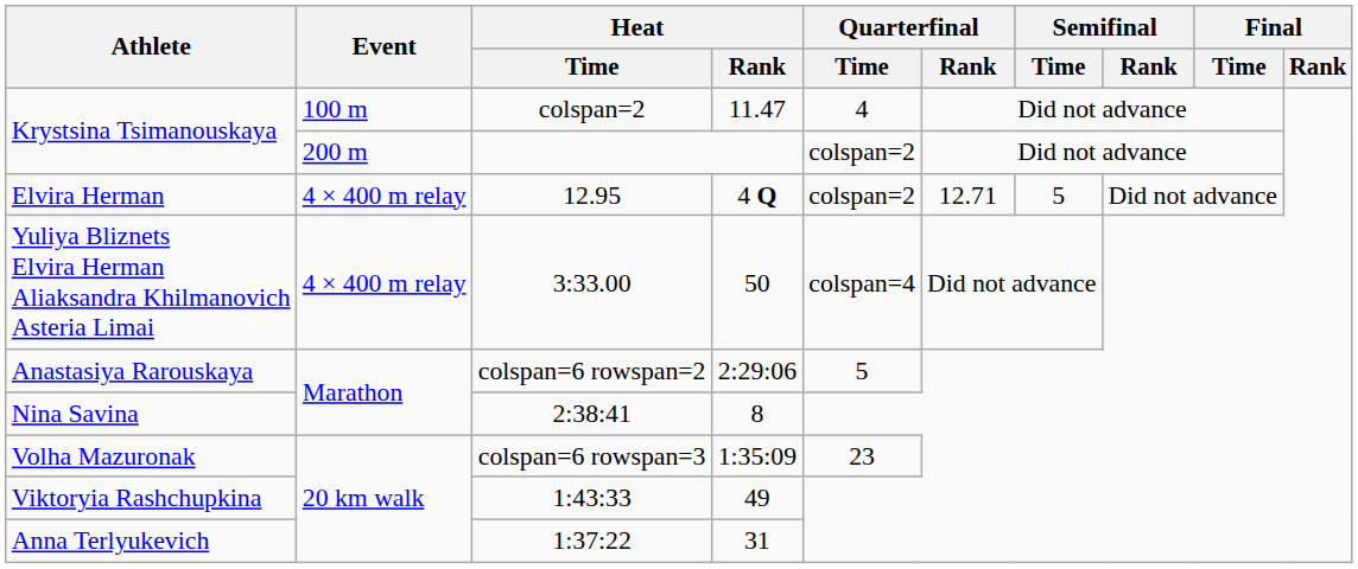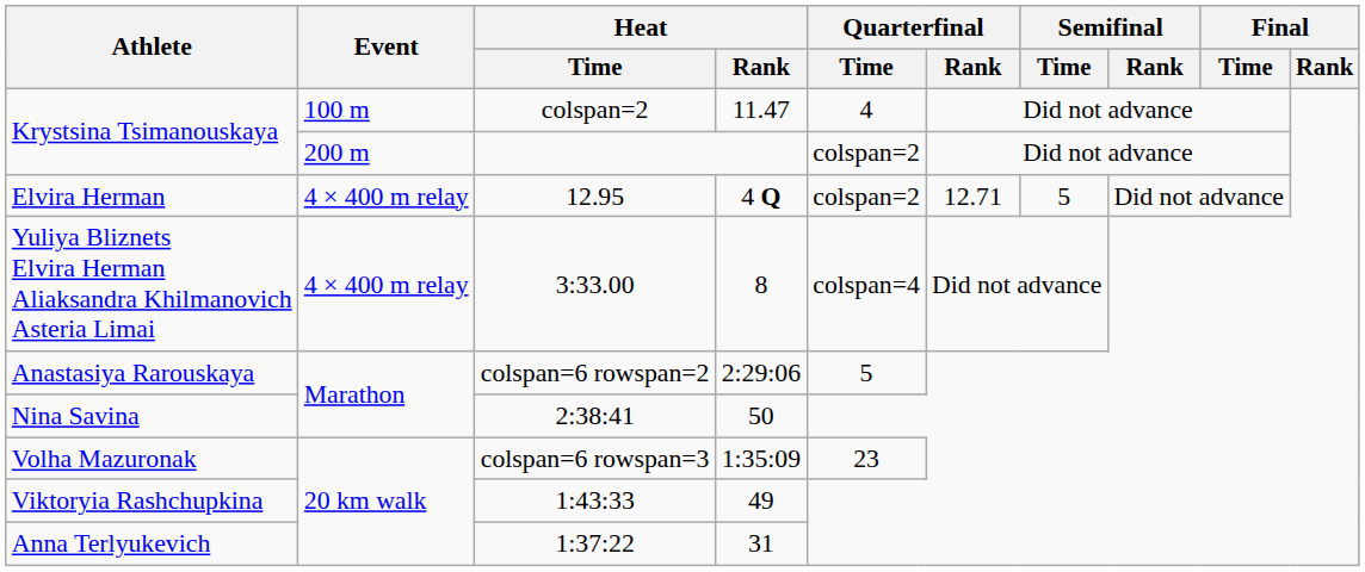 <table class=wikitable style=font-size:90%;>
 <tr>
 <th rowspan=2>Athlete</th>
 <th rowspan=2>Event</th>
 <th colspan=2>Heat</th>
 <th colspan=2>Quarterfinal</th>
 <th colspan=2>Semifinal</th>
 <th colspan=2>Final</th>
 </tr>
 <tr style=font-size:95%>
 <th>Time</th>
 <th>Rank</th>
 <th>Time</th>
 <th>Rank</th>
 <th>Time</th>
 <th>Rank</th>
 <th>Time</th>
 <th>Rank</th>
 </tr>
 <tr align=center>
 <td align=left rowspan=2><a href='#'>Krystsina Tsimanouskaya</a></td>
 <td align=left><a href='#'>100 m</a></td>
 <td>colspan=2 </td>
 <td>11.47</td>
 <td>4</td>
 <td colspan=4>Did not advance</td>
 </tr>
 <tr align=center>
 <td align=left><a href='#'>200 m</a></td>
 <td colspan=2></td>
 <td>colspan=2 </td>
 <td colspan=4>Did not advance</td>
 </tr>
 <tr align=center>
 <td align=left><a href='#'>Elvira Herman</a></td>
 <td align=left><a href='#'>4 × 400 m relay</a></td>
 <td>12.95</td>
 <td>4 <strong>Q</strong></td>
 <td>colspan=2 </td>
 <td>12.71</td>
 <td>5</td>
 <td colspan=2>Did not advance</td>
 </tr>
 <tr align=center>
 <td align="left"><a href='#'>Yuliya Bliznets</a><br><a href='#'>Elvira Herman</a><br><a href='#'>Aliaksandra Khilmanovich</a><br><a href='#'>Asteria Limai</a></td>
 <td align=left><a href='#'>4 × 400 m relay</a></td>
 <td>3:33.00</td>
-<td>50</td>
+<td>8</td>
 <td>colspan=4 </td>
 <td colspan=2>Did not advance</td>
 </tr>
 <tr align="center">
 <td align="left"><a href='#'>Anastasiya Rarouskaya</a></td>
 <td rowspan="2" align="left"><a href='#'>Marathon</a></td>
 <td>colspan=6 rowspan=2 </td>
 <td>2:29:06</td>
 <td>5</td>
 </tr>
 <tr align="center">
 <td align="left"><a href='#'>Nina Savina</a></td>
 <td>2:38:41</td>
-<td>8</td>
+<td>50</td>
 </tr>
 <tr align="center">
 <td align="left"><a href='#'>Volha Mazuronak</a></td>
 <td rowspan="3" align="left"><a href='#'>20 km walk</a></td>
 <td>colspan=6 rowspan=3 </td>
 <td>1:35:09</td>
 <td>23</td>
 </tr>
 <tr align="center">
 <td align="left"><a href='#'>Viktoryia Rashchupkina</a></td>
 <td>1:43:33</td>
 <td>49</td>
 </tr>
 <tr align="center">
 <td align="left"><a href='#'>Anna Terlyukevich</a></td>
 <td>1:37:22</td>
 <td>31</td>
 </tr>
 </table>
